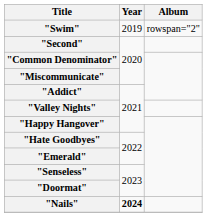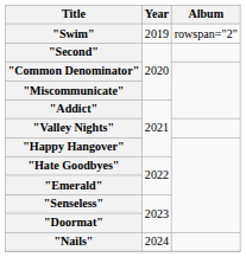 <table class="wikitable plainrowheaders" style="text-align:left;">
 <tr>
 <th scope="col">Title</th>
 <th scope="col">Year</th>
 <th scope="col">Album</th>
 </tr>
 <tr>
 <th scope="row">"Swim"</th>
 <td>2019</td>
 <td>rowspan="2" </td>
 </tr>
 <tr>
 <th scope="row">"Second"</th>
 <td rowspan="3">2020</td>
 </tr>
 <tr>
 <th scope="row">"Common Denominator"</th>
 <td rowspan="3"></td>
 </tr>
 <tr>
 <th scope="row">"Miscommunicate"</th>
 </tr>
 <tr>
 <th scope="row">"Addict"</th>
 <td rowspan="3">2021</td>
 </tr>
 <tr>
 <th scope="row">"Valley Nights"<br></th>
 <td></td>
 </tr>
 <tr>
 <th scope="row">"Happy Hangover"</th>
 <td rowspan="5"></td>
 </tr>
 <tr>
 <th scope="row">"Hate Goodbyes"</th>
 <td rowspan="2">2022</td>
 </tr>
 <tr>
 <th scope="row">"Emerald"</th>
 </tr>
 <tr>
 <th scope="row">"Senseless"</th>
 <td rowspan="2">2023</td>
 </tr>
 <tr>
 <th scope="row">"Doormat"</th>
 </tr>
 <tr>
 <th scope="row">"Nails"</th>
-<td rowspan="1"><strong>2024</strong></td>
+<td rowspan="1">2024</td>
 <td></td>
 </tr>
 <tr>
 </tr>
 </table>
